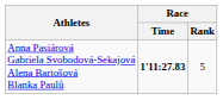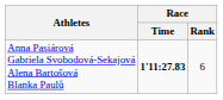 <table class="wikitable" border="1" style="font-size:90%">
 <tr>
 <th rowspan=2>Athletes</th>
 <th colspan=2>Race</th>
 </tr>
 <tr>
 <th>Time</th>
 <th>Rank</th>
 </tr>
 <tr>
 <td><a href='#'>Anna Pasiárová</a><br><a href='#'>Gabriela Svobodová-Sekajová</a><br><a href='#'>Alena Bartošová</a><br><a href='#'>Blanka Paulů</a></td>
 <td align=center><strong>1'11:27.83</strong></td>
-<td align=center>5</td>
+<td align=center>6</td>
 </tr>
 </table>
